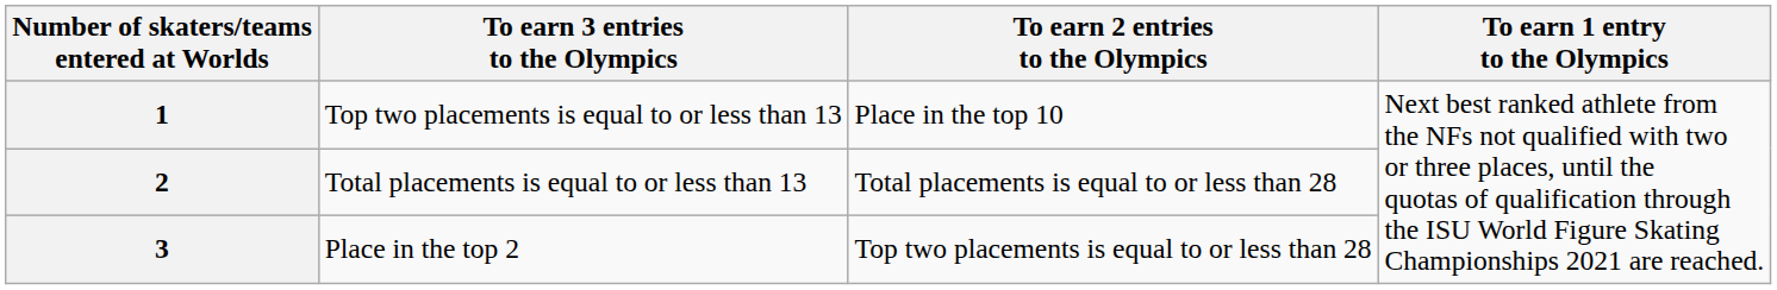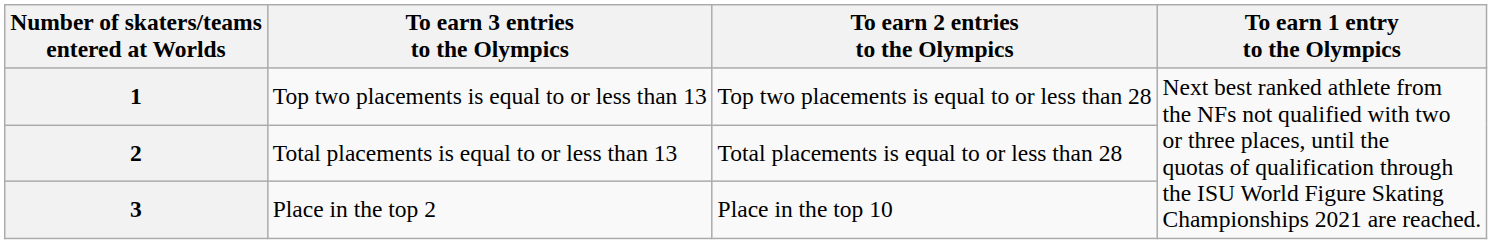 <table class="wikitable">
 <tr>
 <th>Number of skaters/teams <br> entered at Worlds</th>
 <th>To earn 3 entries <br> to the Olympics</th>
 <th>To earn 2 entries <br> to the Olympics</th>
 <th>To earn 1 entry <br> to the Olympics</th>
 </tr>
 <tr>
 <th>1</th>
 <td>Top two placements is equal to or less than 13</td>
-<td>Place in the top 10</td>
+<td>Top two placements is equal to or less than 28</td>
 <td rowspan=3>Next best ranked athlete from <br> the NFs not qualified with two <br> or three places, until the <br> quotas of qualification through <br> the ISU World Figure Skating <br> Championships 2021 are reached.</td>
 </tr>
 <tr>
 <th>2</th>
 <td>Total placements is equal to or less than 13</td>
 <td>Total placements is equal to or less than 28</td>
 </tr>
 <tr>
 <th>3</th>
 <td>Place in the top 2</td>
-<td>Top two placements is equal to or less than 28</td>
+<td>Place in the top 10</td>
 </tr>
 </table>
